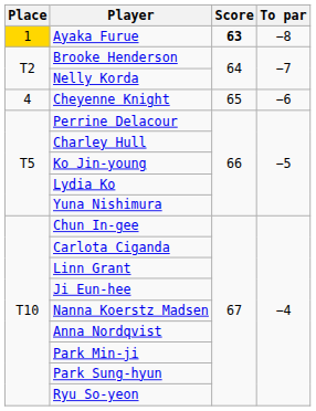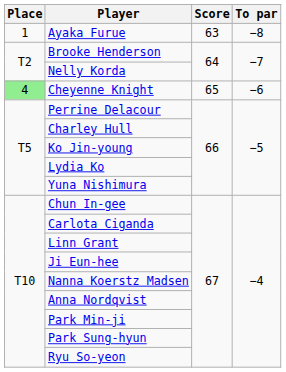 <table class="wikitable">
 <tr>
 <th>Place</th>
 <th>Player</th>
 <th>Score</th>
 <th>To par</th>
 </tr>
 <tr>
-<td align=center style="background: gold;">1</td>
+<td align=center>1</td>
 <td> <a href='#'>Ayaka Furue</a></td>
-<td align=center><strong>63</strong></td>
+<td align=center>63</td>
 <td align=center>−8</td>
 </tr>
 <tr>
 <td rowspan=2 align=center>T2</td>
 <td> <a href='#'>Brooke Henderson</a></td>
 <td rowspan=2 align=center>64</td>
 <td rowspan=2 align=center>−7</td>
 </tr>
 <tr>
 <td> <a href='#'>Nelly Korda</a></td>
 </tr>
 <tr>
-<td align=center>4</td>
+<td align=center style="background: lightgreen;">4</td>
 <td> <a href='#'>Cheyenne Knight</a></td>
 <td align=center>65</td>
 <td align=center>−6</td>
 </tr>
 <tr>
 <td rowspan=5 align=center>T5</td>
 <td> <a href='#'>Perrine Delacour</a></td>
 <td rowspan=5 align=center>66</td>
 <td rowspan=5 align=center>−5</td>
 </tr>
 <tr>
 <td> <a href='#'>Charley Hull</a></td>
 </tr>
 <tr>
 <td> <a href='#'>Ko Jin-young</a></td>
 </tr>
 <tr>
 <td> <a href='#'>Lydia Ko</a></td>
 </tr>
 <tr>
 <td> <a href='#'>Yuna Nishimura</a></td>
 </tr>
 <tr>
 <td rowspan=9 align=center>T10</td>
 <td> <a href='#'>Chun In-gee</a></td>
 <td rowspan=9 align=center>67</td>
 <td rowspan=9 align=center>−4</td>
 </tr>
 <tr>
 <td> <a href='#'>Carlota Ciganda</a></td>
 </tr>
 <tr>
 <td> <a href='#'>Linn Grant</a></td>
 </tr>
 <tr>
 <td> <a href='#'>Ji Eun-hee</a></td>
 </tr>
 <tr>
 <td> <a href='#'>Nanna Koerstz Madsen</a></td>
 </tr>
 <tr>
 <td> <a href='#'>Anna Nordqvist</a></td>
 </tr>
 <tr>
 <td> <a href='#'>Park Min-ji</a></td>
 </tr>
 <tr>
 <td> <a href='#'>Park Sung-hyun</a></td>
 </tr>
 <tr>
 <td> <a href='#'>Ryu So-yeon</a></td>
 </tr>
 </table>
